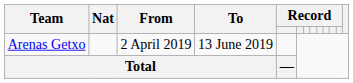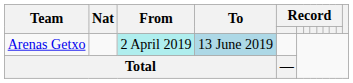 <table class="wikitable" style="text-align: center">
 <tr>
 <th rowspan="2">Team</th>
 <th rowspan="2">Nat</th>
 <th rowspan="2">From</th>
 <th rowspan="2">To</th>
 <th colspan="8">Record</th>
 <th rowspan=2></th>
 </tr>
 <tr>
 <th></th>
 <th></th>
 <th></th>
 <th></th>
 <th></th>
 <th></th>
 <th></th>
 <th></th>
 </tr>
 <tr>
 <td align=left><a href='#'>Arenas Getxo</a></td>
 <td></td>
-<td align=left>2 April 2019</td>
-<td align=left>13 June 2019<br></td>
+<td align=left style="background: paleturquoise;">2 April 2019</td>
+<td align=left style="background: lightblue;">13 June 2019<br></td>
 <td></td>
 </tr>
 <tr>
 <th colspan="4">Total<br></th>
 <th>—</th>
 </tr>
 </table>
